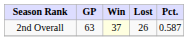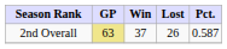 <table class="wikitable" border="1">
 <tr>
 <th style="background:#DDDDFF;" width="40%"><strong> Season Rank </strong></th>
 <th style="background:#DDDDFF;" width="15%"><strong> GP </strong></th>
 <th style="background:#DDDDFF;" width="15%"><strong> Win</strong></th>
 <th style="background:#DDDDFF;" width="15%"><strong> Lost </strong></th>
 <th style="background:#DDDDFF;" width="15%"><strong> Pct.</strong></th>
 </tr>
 <tr>
 <td align=center>2nd Overall</td>
-<td align=center>63</td>
-<td align=center style="background: lightyellow;">37</td>
+<td align=center style="background: khaki;">63</td>
+<td align=center>37</td>
 <td align=center>26</td>
 <td align=center>0.587</td>
 </tr>
 <tr>
 </tr>
 </table>
